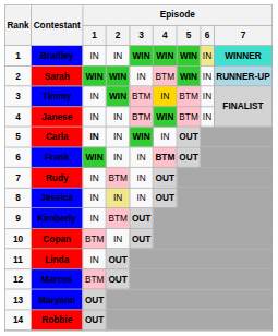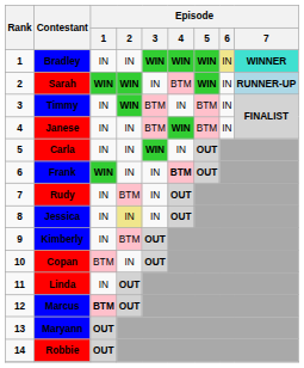 <table class="wikitable" style="text-align: center; font-size: 8.5pt; line-height:20px;">
 <tr>
 <th rowspan="2">Rank</th>
 <th rowspan="2">Contestant</th>
 <th colspan="10">Episode</th>
 </tr>
 <tr>
 <th>1</th>
 <th>2</th>
 <th>3</th>
 <th>4</th>
 <th>5</th>
 <th>6</th>
 <th>7</th>
 </tr>
 <tr>
 <td><strong>1</strong></td>
 <td style="background:blue"><span><strong>Bradley</strong></span></td>
 <td>IN</td>
 <td>IN</td>
 <td style="background:limegreen;"><strong>WIN</strong></td>
 <td style="background:limegreen;"><strong>WIN</strong></td>
 <td style="background:limegreen;"><strong>WIN</strong></td>
 <td style="background: khaki;">IN</td>
 <td style="background:turquoise;"><strong>WINNER</strong></td>
 </tr>
 <tr>
 <td><strong>2</strong></td>
 <td style="background:red"><span><strong>Sarah</strong></span></td>
 <td style="background:limegreen;"><strong>WIN</strong></td>
 <td style="background:limegreen;"><strong>WIN</strong></td>
 <td>IN</td>
 <td style="background:pink;">BTM</td>
 <td style="background:limegreen;"><strong>WIN</strong></td>
 <td>IN</td>
 <td style="background:lightblue;"><strong>RUNNER-UP</strong></td>
 </tr>
 <tr>
 <td><strong>3</strong></td>
 <td style="background:blue"><span><strong>Timmy</strong></span></td>
 <td>IN</td>
 <td style="background:limegreen;"><strong>WIN</strong></td>
 <td style="background:pink;">BTM</td>
-<td style="background: gold;">IN</td>
+<td>IN</td>
 <td style="background:pink;">BTM</td>
 <td>IN</td>
 <td rowspan="2" style="background:lightgray;"><strong>FINALIST</strong></td>
 </tr>
 <tr>
 <td><strong>4</strong></td>
 <td style="background:red"><span><strong>Janese</strong></span></td>
 <td>IN</td>
 <td>IN</td>
 <td style="background:pink;">BTM</td>
 <td style="background:limegreen;"><strong>WIN</strong></td>
 <td style="background:pink;">BTM</td>
 <td>IN</td>
 </tr>
 <tr>
 <td><strong>5</strong></td>
 <td style="background:red"><span><strong>Carla</strong></span></td>
-<td><strong>IN</strong></td>
+<td>IN</td>
 <td>IN</td>
 <td style="background:limegreen;"><strong>WIN</strong></td>
 <td>IN</td>
 <td style="background:lightgray;"><strong>OUT</strong></td>
 <td colspan="8" style="background:darkgrey;"></td>
 </tr>
 <tr>
 <td><strong>6</strong></td>
 <td style="background:blue"><span><strong>Frank</strong></span></td>
 <td style="background:limegreen;"><strong>WIN</strong></td>
 <td>IN</td>
 <td>IN</td>
 <td style="background:pink;"><strong>BTM</strong></td>
 <td style="background:lightgray;"><strong>OUT</strong></td>
 <td colspan="8" style="background:darkgrey;"></td>
 </tr>
 <tr>
 <td><strong>7</strong></td>
 <td style="background:red"><span><strong>Rudy</strong></span></td>
 <td>IN</td>
 <td style="background:pink;">BTM</td>
 <td>IN</td>
 <td style="background:lightgray;"><strong>OUT</strong></td>
 <td colspan="8" style="background:darkgrey;"></td>
 </tr>
 <tr>
 <td><strong>8</strong></td>
 <td style="background:blue"><span><strong>Jessica</strong></span></td>
 <td>IN</td>
 <td style="background: khaki;">IN</td>
 <td>IN</td>
 <td style="background:lightgray;"><strong>OUT</strong></td>
 <td colspan="8" style="background:darkgrey;"></td>
 </tr>
 <tr>
 <td><strong>9</strong></td>
 <td style="background:blue"><span><strong>Kimberly</strong></span></td>
 <td>IN</td>
 <td style="background:pink;">BTM</td>
 <td style="background:lightgray;"><strong>OUT</strong></td>
 <td colspan="8" style="background:darkgrey;"></td>
 </tr>
 <tr>
 <td><strong>10</strong></td>
 <td style="background:red"><span><strong>Copan</strong></span></td>
 <td style="background:pink;">BTM</td>
 <td>IN</td>
 <td style="background:lightgray;"><strong>OUT</strong></td>
 <td colspan="8" style="background:darkgrey;"></td>
 </tr>
 <tr>
 <td><strong>11</strong></td>
 <td style="background:red"><span><strong>Linda</strong></span></td>
 <td>IN</td>
 <td style="background:lightgray;"><strong>OUT</strong></td>
 <td colspan="8" style="background:darkgrey;"></td>
 </tr>
 <tr>
 <td><strong>12</strong></td>
 <td style="background:blue"><span><strong>Marcus</strong></span></td>
-<td style="background:pink;">BTM</td>
+<td style="background:pink;"><strong>BTM</strong></td>
 <td style="background:lightgray;"><strong>OUT</strong></td>
 <td colspan="8" style="background:darkgrey;"></td>
 </tr>
 <tr>
 <td><strong>13</strong></td>
 <td style="background:blue"><span><strong>Maryann</strong></span></td>
 <td style="background:lightgray;"><strong>OUT</strong></td>
 <td colspan="10" style="background:darkgrey;"></td>
 </tr>
 <tr>
 <td><strong>14</strong></td>
 <td style="background:red"><span><strong>Robbie</strong></span></td>
 <td style="background:lightgray;"><strong>OUT</strong></td>
 <td colspan="12" style="background:darkgrey;"></td>
 </tr>
 <tr>
 </tr>
 </table>
